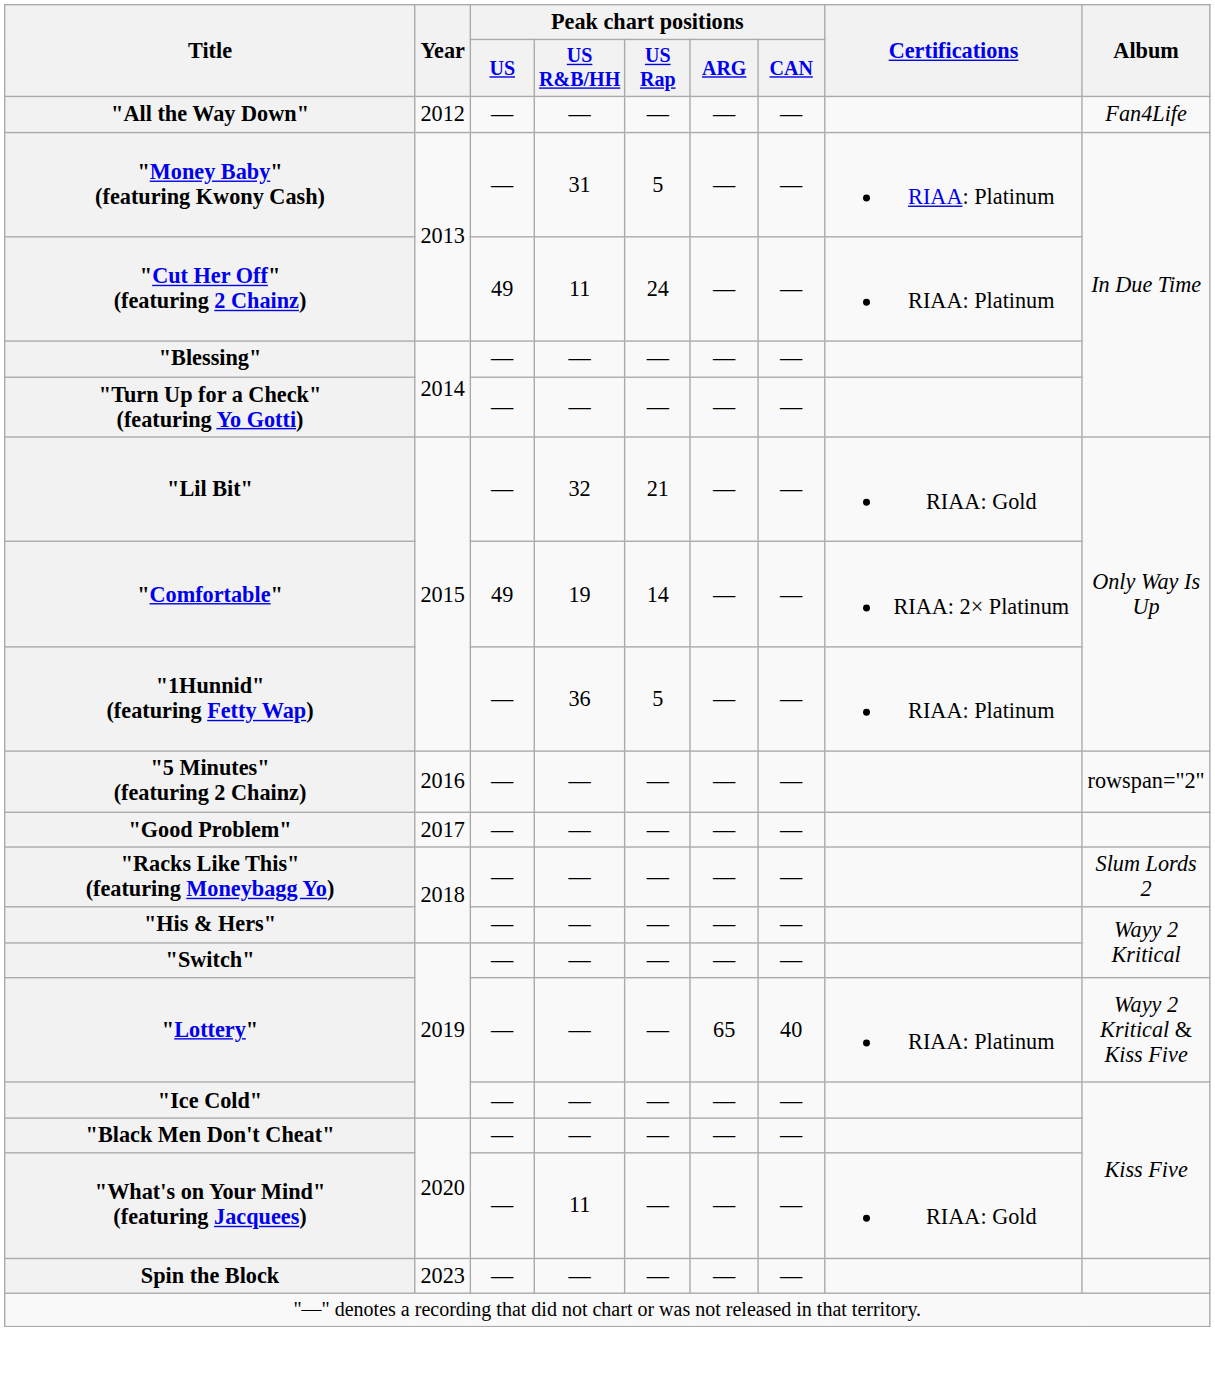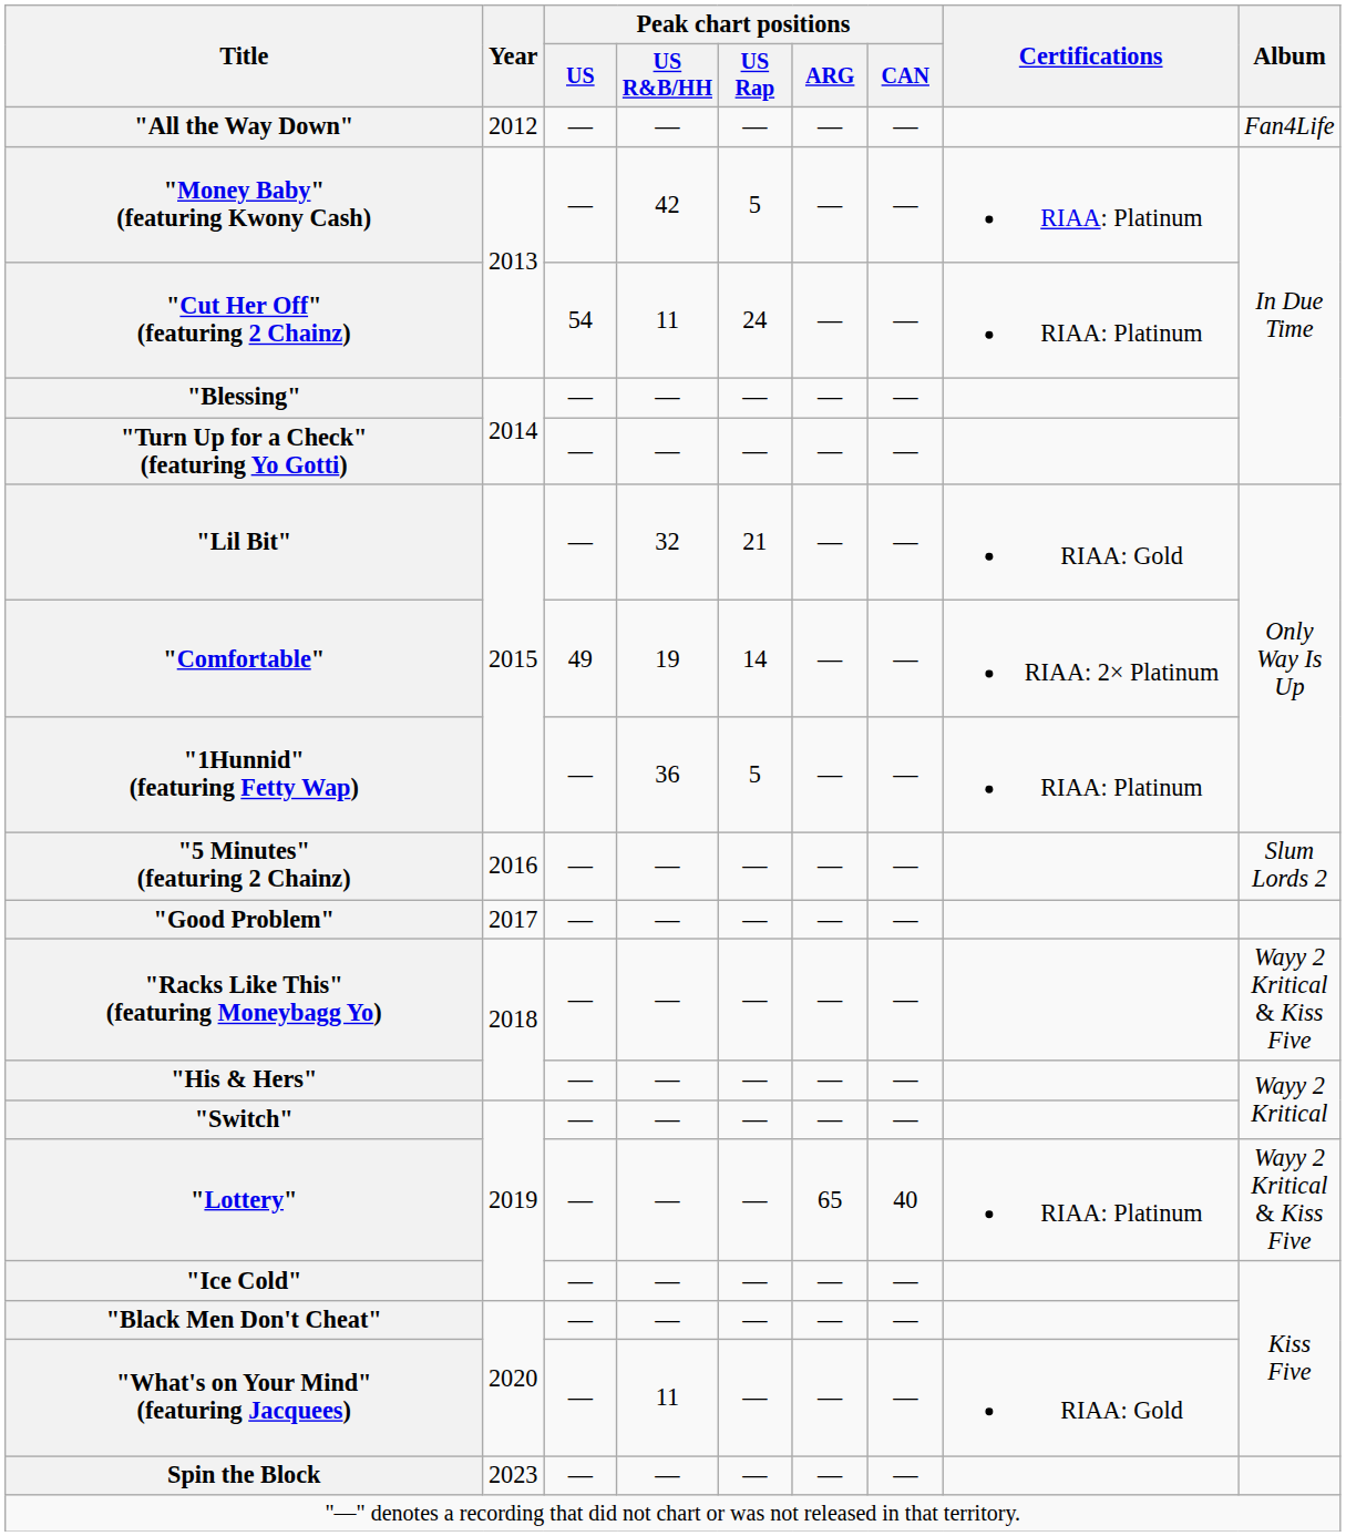 <table class="wikitable plainrowheaders" style="text-align:center;">
 <tr>
 <th scope="col" rowspan="2" style="width:20em;">Title</th>
 <th scope="col" rowspan="2">Year</th>
 <th scope="col" colspan="5">Peak chart positions</th>
 <th scope="col" rowspan="2" style="width:12em;"><a href='#'>Certifications</a></th>
 <th scope="col" rowspan="2">Album</th>
 </tr>
 <tr>
 <th style="width:3em;font-size:90%;"><a href='#'>US</a><br></th>
 <th style="width:3em;font-size:90%;"><a href='#'>US R&B/HH</a><br></th>
 <th style="width:3em;font-size:90%;"><a href='#'>US<br>Rap</a><br></th>
 <th style="width:3em;font-size:90%;"><a href='#'>ARG</a><br></th>
 <th style="width:3em;font-size:90%;"><a href='#'>CAN</a><br></th>
 </tr>
 <tr>
 <th scope="row">"All the Way Down"</th>
 <td>2012</td>
 <td>—</td>
 <td>—</td>
 <td>—</td>
 <td>—</td>
 <td>—</td>
 <td></td>
 <td><em>Fan4Life</em></td>
 </tr>
 <tr>
 <th scope="row">"<a href='#'>Money Baby</a>"<br> <span>(featuring Kwony Cash)</span></th>
 <td rowspan="2">2013</td>
 <td>—</td>
-<td>31</td>
+<td>42</td>
 <td>5</td>
 <td>—</td>
 <td>—</td>
 <td><br><ul><li><a href='#'>RIAA</a>: Platinum</li></ul></td>
 <td rowspan="4"><em>In Due Time</em></td>
 </tr>
 <tr>
 <th scope="row">"<a href='#'>Cut Her Off</a>" <br> <span>(featuring <a href='#'>2 Chainz</a>)</span></th>
-<td>49</td>
+<td>54</td>
 <td>11</td>
 <td>24</td>
 <td>—</td>
 <td>—</td>
 <td><br><ul><li>RIAA: Platinum</li></ul></td>
 </tr>
 <tr>
 <th scope="row">"Blessing"</th>
 <td rowspan="2">2014</td>
 <td>—</td>
 <td>—</td>
 <td>—</td>
 <td>—</td>
 <td>—</td>
 <td></td>
 </tr>
 <tr>
 <th scope="row">"Turn Up for a Check" <br><span>(featuring <a href='#'>Yo Gotti</a>)</span></th>
 <td>—</td>
 <td>—</td>
 <td>—</td>
 <td>—</td>
 <td>—</td>
 <td></td>
 </tr>
 <tr>
 <th scope="row">"Lil Bit" </th>
 <td rowspan="3">2015</td>
 <td>—</td>
 <td>32</td>
 <td>21</td>
 <td>—</td>
 <td>—</td>
 <td><br><ul><li>RIAA: Gold</li></ul></td>
 <td rowspan="3"><em>Only Way Is Up</em></td>
 </tr>
 <tr>
 <th scope="row">"<a href='#'>Comfortable</a>"</th>
 <td>49</td>
 <td>19</td>
 <td>14</td>
 <td>—</td>
 <td>—</td>
 <td><br><ul><li>RIAA: 2× Platinum</li></ul></td>
 </tr>
 <tr>
 <th scope="row">"1Hunnid" <br><span>(featuring <a href='#'>Fetty Wap</a>)</span></th>
 <td>—</td>
 <td>36</td>
 <td>5</td>
 <td>—</td>
 <td>—</td>
 <td><br><ul><li>RIAA: Platinum</li></ul></td>
 </tr>
 <tr>
 <th scope="row">"5 Minutes"<br><span>(featuring 2 Chainz)</span></th>
 <td>2016</td>
 <td>—</td>
 <td>—</td>
 <td>—</td>
 <td>—</td>
 <td>—</td>
 <td></td>
-<td>rowspan="2" </td>
+<td><em>Slum Lords 2</em></td>
 </tr>
 <tr>
 <th scope="row">"Good Problem"</th>
 <td>2017</td>
 <td>—</td>
 <td>—</td>
 <td>—</td>
 <td>—</td>
 <td>—</td>
 <td></td>
 </tr>
 <tr>
 <th scope="row">"Racks Like This"<br><span>(featuring <a href='#'>Moneybagg Yo</a>)</span></th>
 <td rowspan="2">2018</td>
 <td>—</td>
 <td>—</td>
 <td>—</td>
 <td>—</td>
 <td>—</td>
 <td></td>
-<td><em>Slum Lords 2</em></td>
+<td><em>Wayy 2 Kritical</em> & <em>Kiss Five</em></td>
 </tr>
 <tr>
 <th scope="row">"His & Hers"</th>
 <td>—</td>
 <td>—</td>
 <td>—</td>
 <td>—</td>
 <td>—</td>
 <td></td>
 <td rowspan="2"><em>Wayy 2 Kritical</em></td>
 </tr>
 <tr>
 <th scope="row">"Switch"</th>
 <td rowspan="3">2019</td>
 <td>—</td>
 <td>—</td>
 <td>—</td>
 <td>—</td>
 <td>—</td>
 <td></td>
 </tr>
 <tr>
 <th scope="row">"<a href='#'>Lottery</a>"</th>
 <td>—</td>
 <td>—</td>
 <td>—</td>
 <td>65</td>
 <td>40</td>
 <td><br><ul><li>RIAA: Platinum</li></ul></td>
 <td><em>Wayy 2 Kritical</em> & <em>Kiss Five</em></td>
 </tr>
 <tr>
 <th scope="row">"Ice Cold"</th>
 <td>—</td>
 <td>—</td>
 <td>—</td>
 <td>—</td>
 <td>—</td>
 <td></td>
 <td rowspan="3"><em>Kiss Five</em></td>
 </tr>
 <tr>
 <th scope="row">"Black Men Don't Cheat"</th>
 <td rowspan="2">2020</td>
 <td>—</td>
 <td>—</td>
 <td>—</td>
 <td>—</td>
 <td>—</td>
 <td></td>
 </tr>
 <tr>
 <th scope="row">"What's on Your Mind"<br> <span>(featuring <a href='#'>Jacquees</a>)</span></th>
 <td>—</td>
 <td>11</td>
 <td>—</td>
 <td>—</td>
 <td>—</td>
 <td><br><ul><li>RIAA: Gold</li></ul></td>
 </tr>
 <tr>
 <th scope="row">Spin the Block</th>
 <td>2023</td>
 <td>—</td>
 <td>—</td>
 <td>—</td>
 <td>—</td>
 <td>—</td>
 <td></td>
 <td></td>
 </tr>
 <tr>
 <td colspan="9" style="font-size:90%">"—" denotes a recording that did not chart or was not released in that territory.</td>
 </tr>
 </table>
